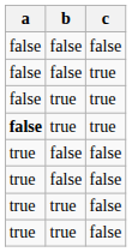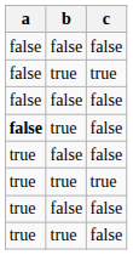 <table class="wikitable">
 <tr>
 <th>a</th>
 <th>b</th>
 <th>c</th>
 </tr>
 <tr>
 <td>false</td>
 <td>false</td>
 <td>false</td>
 </tr>
 <tr>
 <td>false</td>
-<td>false</td>
+<td>true</td>
 <td>true</td>
 </tr>
 <tr>
 <td>false</td>
-<td>true</td>
-<td>true</td>
+<td>false</td>
+<td>false</td>
 </tr>
 <tr>
 <td><strong>false</strong></td>
 <td>true</td>
-<td>true</td>
+<td>false</td>
 </tr>
 <tr>
 <td>true</td>
 <td>false</td>
 <td>false</td>
+</tr>
+<tr>
+<td>true</td>
+<td>true</td>
+<td>true</td>
 </tr>
 <tr>
 <td>true</td>
 <td>false</td>
 <td>false</td>
 </tr>
 <tr>
 <td>true</td>
 <td>true</td>
 <td>false</td>
 </tr>
-<tr>
-<td>true</td>
-<td>true</td>
-<td>false</td>
-</tr>
 </table>
